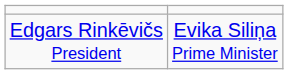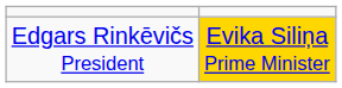 <table class="wikitable" style="text-align:left; float:left; margin-right:9px; margin-left:2px;">
 <tr>
 <td style="text-align:left;"></td>
 <td style="text-align:left;"></td>
 </tr>
 <tr>
 <td style="text-align:center;"><a href='#'>Edgars Rinkēvičs</a><br><small><a href='#'>President</a></small></td>
-<td style="text-align:center;"><a href='#'>Evika Siliņa</a><br><small><a href='#'>Prime Minister</a></small></td>
+<td style="background: gold; text-align:center;"><a href='#'>Evika Siliņa</a><br><small><a href='#'>Prime Minister</a></small></td>
 </tr>
 </table>
